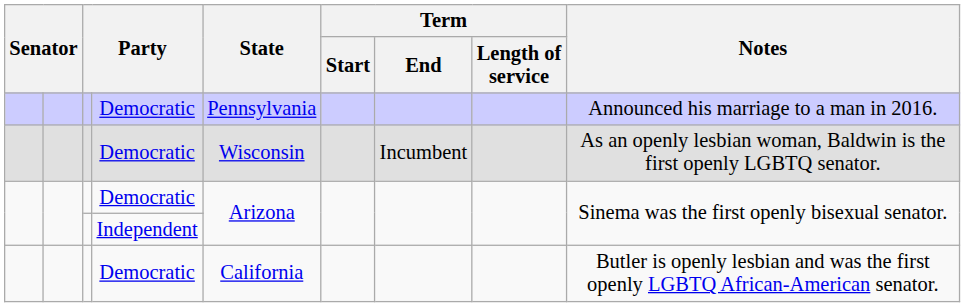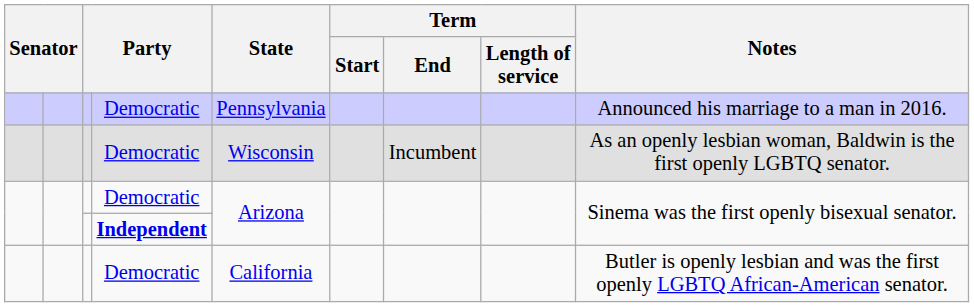 <table class="wikitable sortable" style="text-align:center">
 <tr>
 <th scope="col" rowspan=2 colspan=2>Senator</th>
 <th scope="col" rowspan=2 colspan=2>Party</th>
 <th scope="col" rowspan=2>State</th>
 <th scope="col" colspan=3>Term</th>
 <th scope="col" rowspan=2>Notes</th>
 </tr>
 <tr>
 <th scope="col">Start</th>
 <th scope="col">End</th>
 <th scope="col">Length of<br>service</th>
 </tr>
 <tr style="background:#CCF">
 <td data-sort-value="Wofford, Harris"></td>
 <td></td>
 <td style="background-color:"></td>
 <td><a href='#'>Democratic</a></td>
 <td><a href='#'>Pennsylvania</a></td>
 <td></td>
 <td></td>
 <td></td>
 <td width=300>Announced his marriage to a man in 2016.</td>
 </tr>
 <tr style="background:#e0e0e0">
 <td data-sort-value="Baldwin, Tammy"></td>
 <td></td>
 <td style="background-color:"></td>
 <td><a href='#'>Democratic</a></td>
 <td><a href='#'>Wisconsin</a></td>
 <td></td>
 <td>Incumbent</td>
 <td></td>
 <td>As an openly lesbian woman, Baldwin is the first openly LGBTQ senator.</td>
 </tr>
 <tr style="background:">
 <td rowspan=2 data-sort-value="Sinema, Krysten"></td>
 <td rowspan=2></td>
 <td style="background-color:"></td>
 <td><a href='#'>Democratic</a><br></td>
 <td rowspan=2><a href='#'>Arizona</a></td>
 <td rowspan=2></td>
 <td rowspan=2></td>
 <td rowspan=2></td>
 <td rowspan=2>Sinema was the first openly bisexual senator.</td>
 </tr>
 <tr style="background:">
 <td style="background-color:"></td>
-<td><a href='#'>Independent</a><br></td>
+<td><strong><a href='#'>Independent</a><br></strong></td>
 </tr>
 <tr>
 <td data-sort-value="Butler, Laphonza"></td>
 <td></td>
 <td style="background-color:"></td>
 <td><a href='#'>Democratic</a></td>
 <td><a href='#'>California</a></td>
 <td></td>
 <td></td>
 <td></td>
 <td>Butler is openly lesbian and was the first openly <a href='#'>LGBTQ African-American</a> senator.</td>
 </tr>
 </table>
